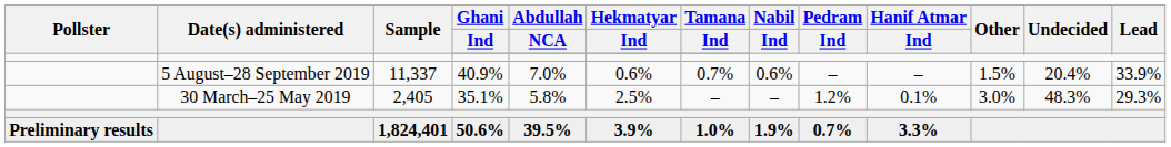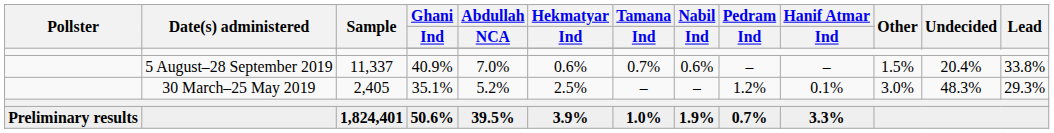 <table class=wikitable style="text-align:center;font-size:95%;line-height:14px;">
 <tr>
 <th rowspan=3>Pollster</th>
 <th rowspan=3>Date(s) administered</th>
 <th rowspan=3>Sample</th>
 <th><a href='#'>Ghani</a></th>
 <th><a href='#'>Abdullah</a></th>
 <th><a href='#'>Hekmatyar</a></th>
 <th><a href='#'>Tamana</a></th>
 <th><a href='#'>Nabil</a></th>
 <th><a href='#'>Pedram</a></th>
 <th><a href='#'>Hanif Atmar</a></th>
 <th rowspan=3>Other</th>
 <th rowspan=3>Undecided</th>
 <th rowspan=3>Lead</th>
 </tr>
 <tr>
 <th><a href='#'>Ind</a></th>
 <th><a href='#'>NCA</a></th>
 <th><a href='#'>Ind</a></th>
 <th><a href='#'>Ind</a></th>
 <th><a href='#'>Ind</a></th>
 <th><a href='#'>Ind</a></th>
 <th><a href='#'>Ind</a></th>
 </tr>
 <tr>
 </tr>
 <tr>
 <td></td>
 <td bgcolor=></td>
 <td></td>
 <td></td>
 <td></td>
 <td></td>
 <td></td>
 </tr>
 <tr>
 <td></td>
 <td>5 August–28 September 2019</td>
 <td>11,337</td>
 <td>40.9%</td>
 <td>7.0%</td>
 <td>0.6%</td>
 <td>0.7%</td>
 <td>0.6%</td>
 <td>–</td>
 <td>–</td>
 <td>1.5%</td>
 <td>20.4%</td>
-<td>33.9%</td>
+<td>33.8%</td>
 </tr>
 <tr>
 <td></td>
 <td>30 March–25 May 2019</td>
 <td>2,405</td>
 <td>35.1%</td>
-<td>5.8%</td>
+<td>5.2%</td>
 <td>2.5%</td>
 <td>–</td>
 <td>–</td>
 <td>1.2%</td>
 <td>0.1%</td>
 <td>3.0%</td>
 <td>48.3%</td>
 <td>29.3%</td>
 </tr>
 <tr>
 <th colspan=13></th>
 </tr>
 <tr style="background:#EFEFEF; font-weight:bold;">
 <td>Preliminary results</td>
 <td></td>
 <td>1,824,401</td>
 <td>50.6%</td>
 <td>39.5%</td>
 <td>3.9%</td>
 <td>1.0%</td>
 <td>1.9%</td>
 <td>0.7%</td>
 <td>3.3%</td>
 <td colspan=3></td>
 </tr>
 </table>
